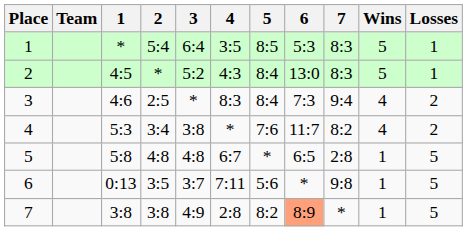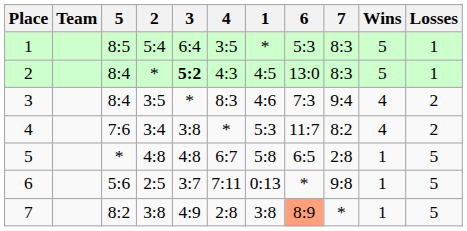 <table class="wikitable" style="text-align:center;">
 <tr>
 <th>Place</th>
 <th>Team</th>
-<th width="25">1</th>
+<th width="25">5</th>
 <th width="25">2</th>
 <th width="25">3</th>
 <th width="25">4</th>
-<th width="25">5</th>
+<th width="25">1</th>
 <th width="25">6</th>
 <th width="25">7</th>
 <th>Wins</th>
 <th>Losses</th>
 </tr>
 <tr bgcolor=#cfc>
 <td>1</td>
 <td align=left></td>
-<td>*</td>
+<td>8:5</td>
 <td>5:4</td>
 <td>6:4</td>
 <td>3:5</td>
-<td>8:5</td>
+<td>*</td>
 <td>5:3</td>
 <td>8:3</td>
 <td>5</td>
 <td>1</td>
 </tr>
 <tr bgcolor=#cfc>
 <td>2</td>
 <td align=left></td>
+<td>8:4</td>
+<td>*</td>
+<td><strong>5:2</strong></td>
+<td>4:3</td>
 <td>4:5</td>
-<td>*</td>
-<td>5:2</td>
-<td>4:3</td>
-<td>8:4</td>
 <td>13:0</td>
 <td>8:3</td>
 <td>5</td>
 <td>1</td>
 </tr>
 <tr>
 <td>3</td>
 <td align=left></td>
-<td>4:6</td>
-<td>2:5</td>
+<td>8:4</td>
+<td>3:5</td>
 <td>*</td>
 <td>8:3</td>
-<td>8:4</td>
+<td>4:6</td>
 <td>7:3</td>
 <td>9:4</td>
 <td>4</td>
 <td>2</td>
 </tr>
 <tr>
 <td>4</td>
 <td align=left></td>
-<td>5:3</td>
+<td>7:6</td>
 <td>3:4</td>
 <td>3:8</td>
 <td>*</td>
-<td>7:6</td>
+<td>5:3</td>
 <td>11:7</td>
 <td>8:2</td>
 <td>4</td>
 <td>2</td>
 </tr>
 <tr>
 <td>5</td>
 <td align=left></td>
-<td>5:8</td>
+<td>*</td>
 <td>4:8</td>
 <td>4:8</td>
 <td>6:7</td>
-<td>*</td>
+<td>5:8</td>
 <td>6:5</td>
 <td>2:8</td>
 <td>1</td>
 <td>5</td>
 </tr>
 <tr>
 <td>6</td>
 <td align=left></td>
-<td>0:13</td>
-<td>3:5</td>
+<td>5:6</td>
+<td>2:5</td>
 <td>3:7</td>
 <td>7:11</td>
-<td>5:6</td>
+<td>0:13</td>
 <td>*</td>
 <td>9:8</td>
 <td>1</td>
 <td>5</td>
 </tr>
 <tr>
 <td>7</td>
 <td align=left></td>
-<td>3:8</td>
+<td>8:2</td>
 <td>3:8</td>
 <td>4:9</td>
 <td>2:8</td>
-<td>8:2</td>
+<td>3:8</td>
 <td style="background: lightsalmon;">8:9</td>
 <td>*</td>
 <td>1</td>
 <td>5</td>
 </tr>
 </table>
